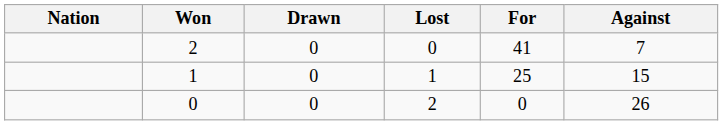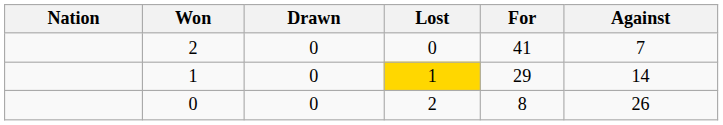 <table class="wikitable" style="text-align: center; width:50%">
 <tr>
 <th>Nation</th>
 <th>Won</th>
 <th>Drawn</th>
 <th>Lost</th>
 <th>For</th>
 <th>Against</th>
 </tr>
 <tr>
 <td align=left></td>
 <td>2</td>
 <td>0</td>
 <td>0</td>
 <td>41</td>
 <td>7</td>
 </tr>
 <tr>
 <td align=left></td>
 <td>1</td>
 <td>0</td>
-<td>1</td>
-<td>25</td>
-<td>15</td>
+<td style="background: gold;">1</td>
+<td>29</td>
+<td>14</td>
 </tr>
 <tr>
 <td align=left></td>
 <td>0</td>
 <td>0</td>
 <td>2</td>
-<td>0</td>
+<td>8</td>
 <td>26</td>
 </tr>
 </table>
